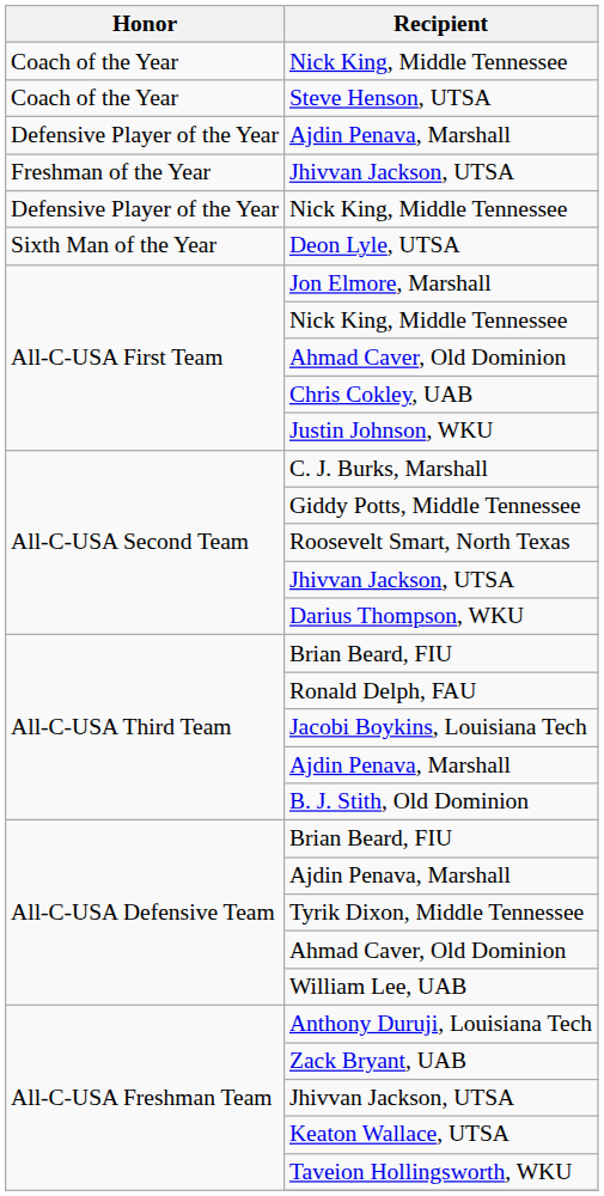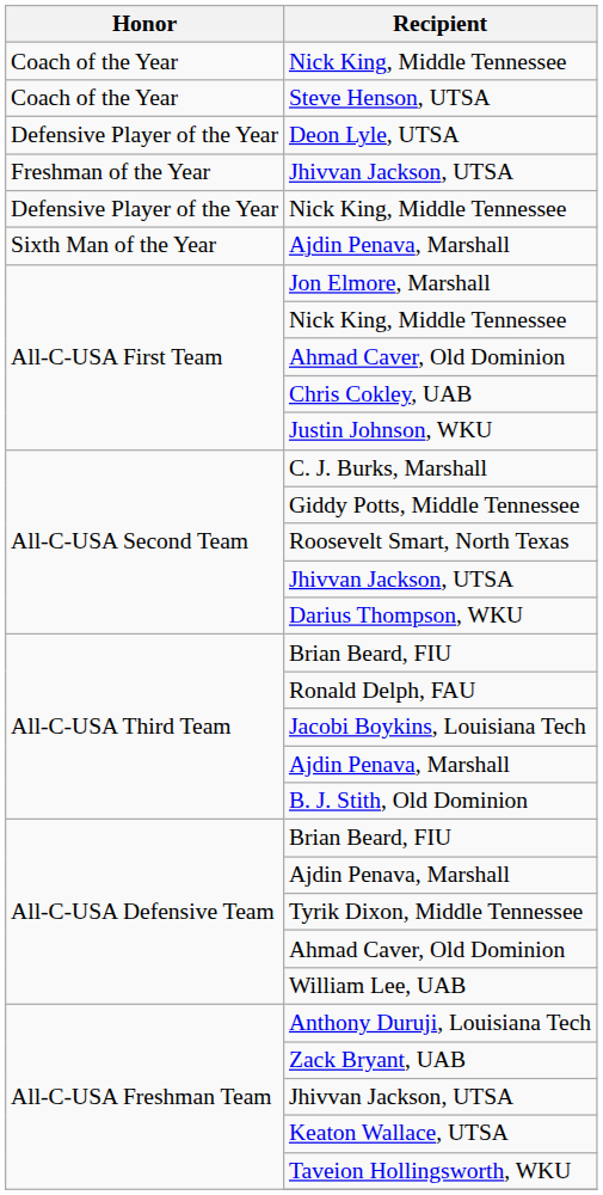 <table class="wikitable" border="1">
 <tr>
 <th>Honor</th>
 <th>Recipient</th>
 </tr>
 <tr>
 <td>Coach of the Year</td>
 <td><a href='#'>Nick King</a>, Middle Tennessee</td>
 </tr>
 <tr>
 <td>Coach of the Year</td>
 <td><a href='#'>Steve Henson</a>, UTSA</td>
 </tr>
 <tr>
 <td>Defensive Player of the Year</td>
-<td><a href='#'>Ajdin Penava</a>, Marshall</td>
+<td><a href='#'>Deon Lyle</a>, UTSA</td>
 </tr>
 <tr>
 <td>Freshman of the Year</td>
 <td><a href='#'>Jhivvan Jackson</a>, UTSA</td>
 </tr>
 <tr>
 <td>Defensive Player of the Year</td>
 <td>Nick King, Middle Tennessee</td>
 </tr>
 <tr>
 <td>Sixth Man of the Year</td>
-<td><a href='#'>Deon Lyle</a>, UTSA</td>
+<td><a href='#'>Ajdin Penava</a>, Marshall</td>
 </tr>
 <tr>
 <td rowspan="5" valign="middle">All-C-USA First Team</td>
 <td><a href='#'>Jon Elmore</a>, Marshall</td>
 </tr>
 <tr>
 <td>Nick King, Middle Tennessee</td>
 </tr>
 <tr>
 <td><a href='#'>Ahmad Caver</a>, Old Dominion</td>
 </tr>
 <tr>
 <td><a href='#'>Chris Cokley</a>, UAB</td>
 </tr>
 <tr>
 <td><a href='#'>Justin Johnson</a>, WKU</td>
 </tr>
 <tr>
 <td rowspan="5" valign="middle">All-C-USA Second Team</td>
 <td>C. J. Burks, Marshall</td>
 </tr>
 <tr>
 <td>Giddy Potts, Middle Tennessee</td>
 </tr>
 <tr>
 <td>Roosevelt Smart, North Texas</td>
 </tr>
 <tr>
 <td><a href='#'>Jhivvan Jackson</a>, UTSA</td>
 </tr>
 <tr>
 <td><a href='#'>Darius Thompson</a>, WKU</td>
 </tr>
 <tr>
 <td rowspan="5" valign="middle">All-C-USA Third Team</td>
 <td>Brian Beard, FIU</td>
 </tr>
 <tr>
 <td>Ronald Delph, FAU</td>
 </tr>
 <tr>
 <td><a href='#'>Jacobi Boykins</a>, Louisiana Tech</td>
 </tr>
 <tr>
 <td><a href='#'>Ajdin Penava</a>, Marshall</td>
 </tr>
 <tr>
 <td><a href='#'>B. J. Stith</a>, Old Dominion</td>
 </tr>
 <tr>
 <td rowspan="5" valign="middle">All-C-USA Defensive Team</td>
 <td>Brian Beard, FIU</td>
 </tr>
 <tr>
 <td>Ajdin Penava, Marshall</td>
 </tr>
 <tr>
 <td>Tyrik Dixon, Middle Tennessee</td>
 </tr>
 <tr>
 <td>Ahmad Caver, Old Dominion</td>
 </tr>
 <tr>
 <td>William Lee, UAB</td>
 </tr>
 <tr>
 <td rowspan="10" valign="middle">All-C-USA Freshman Team</td>
 <td><a href='#'>Anthony Duruji</a>, Louisiana Tech</td>
 </tr>
 <tr>
 <td><a href='#'>Zack Bryant</a>, UAB</td>
 </tr>
 <tr>
 <td>Jhivvan Jackson, UTSA</td>
 </tr>
 <tr>
 <td><a href='#'>Keaton Wallace</a>, UTSA</td>
 </tr>
 <tr>
 <td><a href='#'>Taveion Hollingsworth</a>, WKU</td>
 </tr>
 <tr>
 </tr>
 </table>
